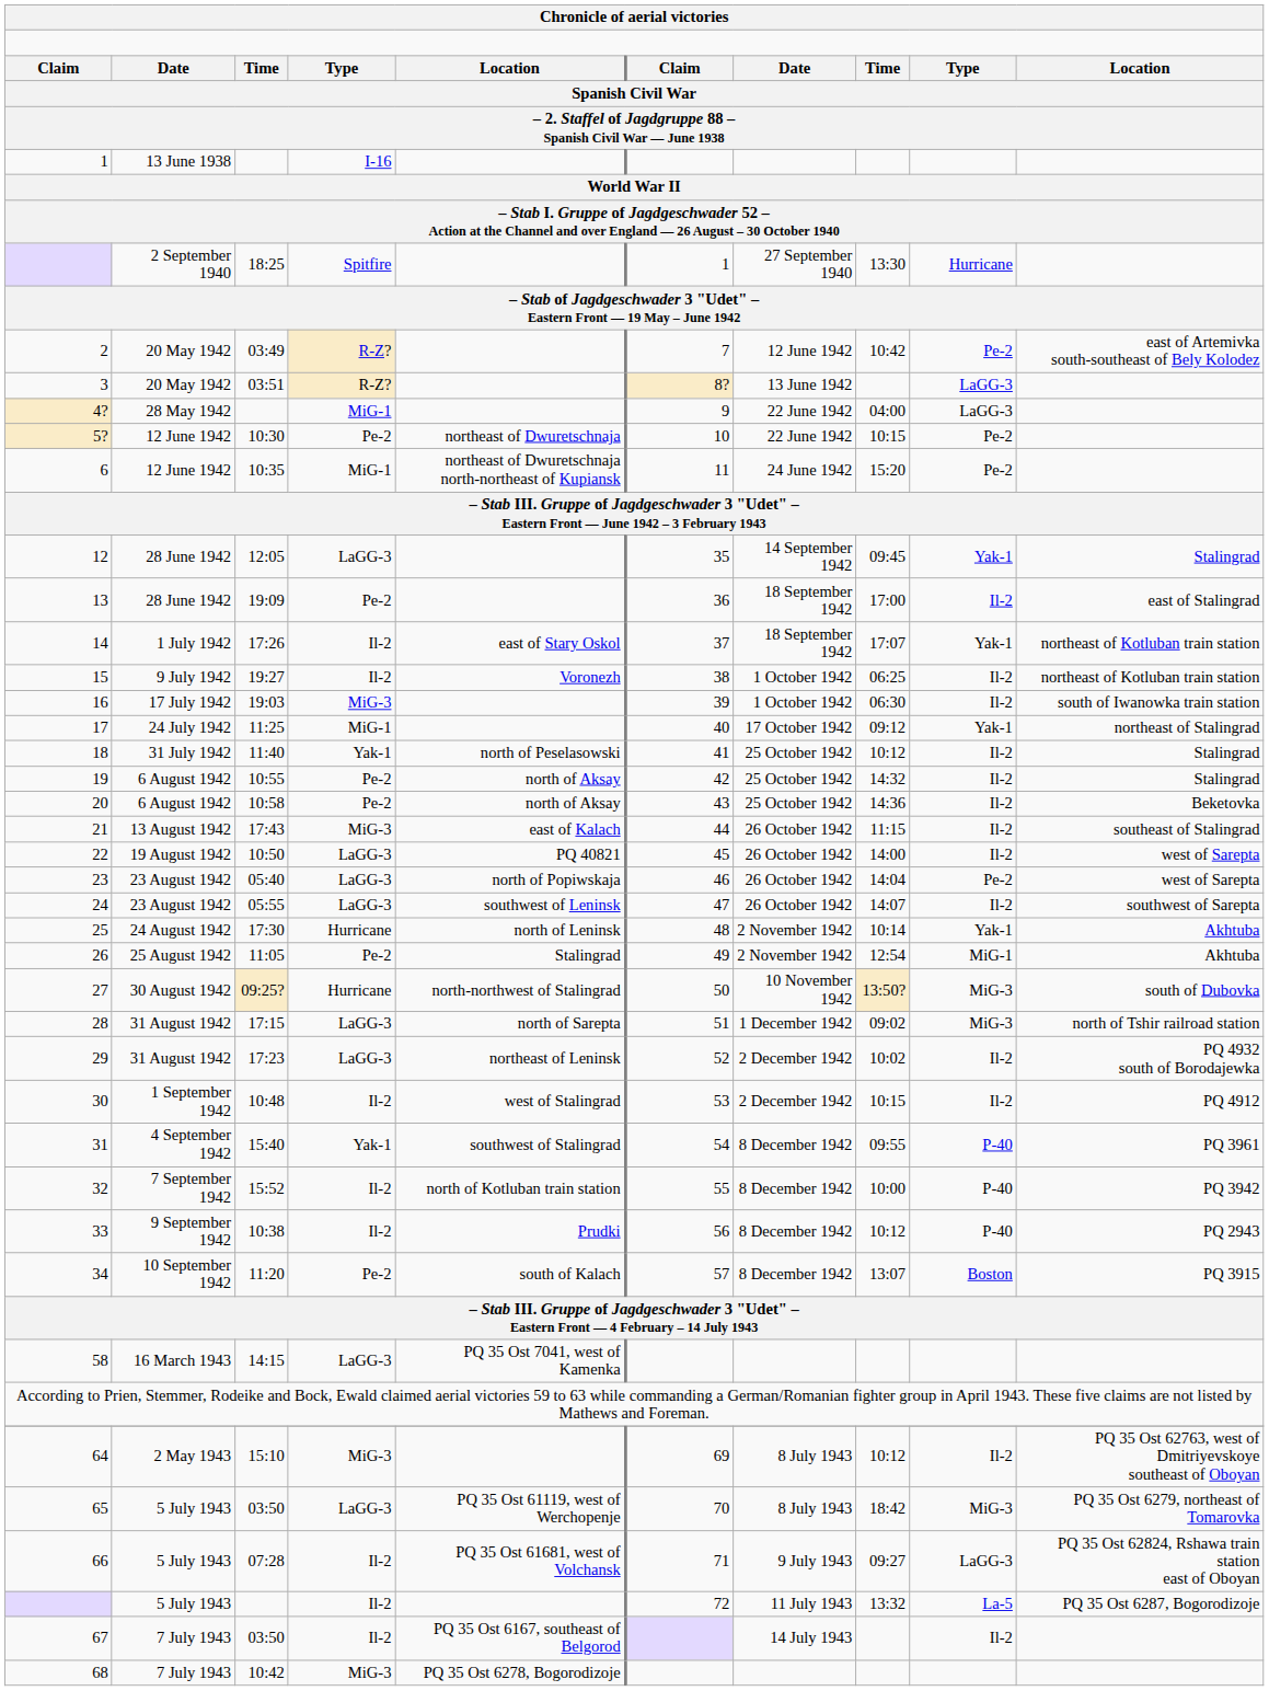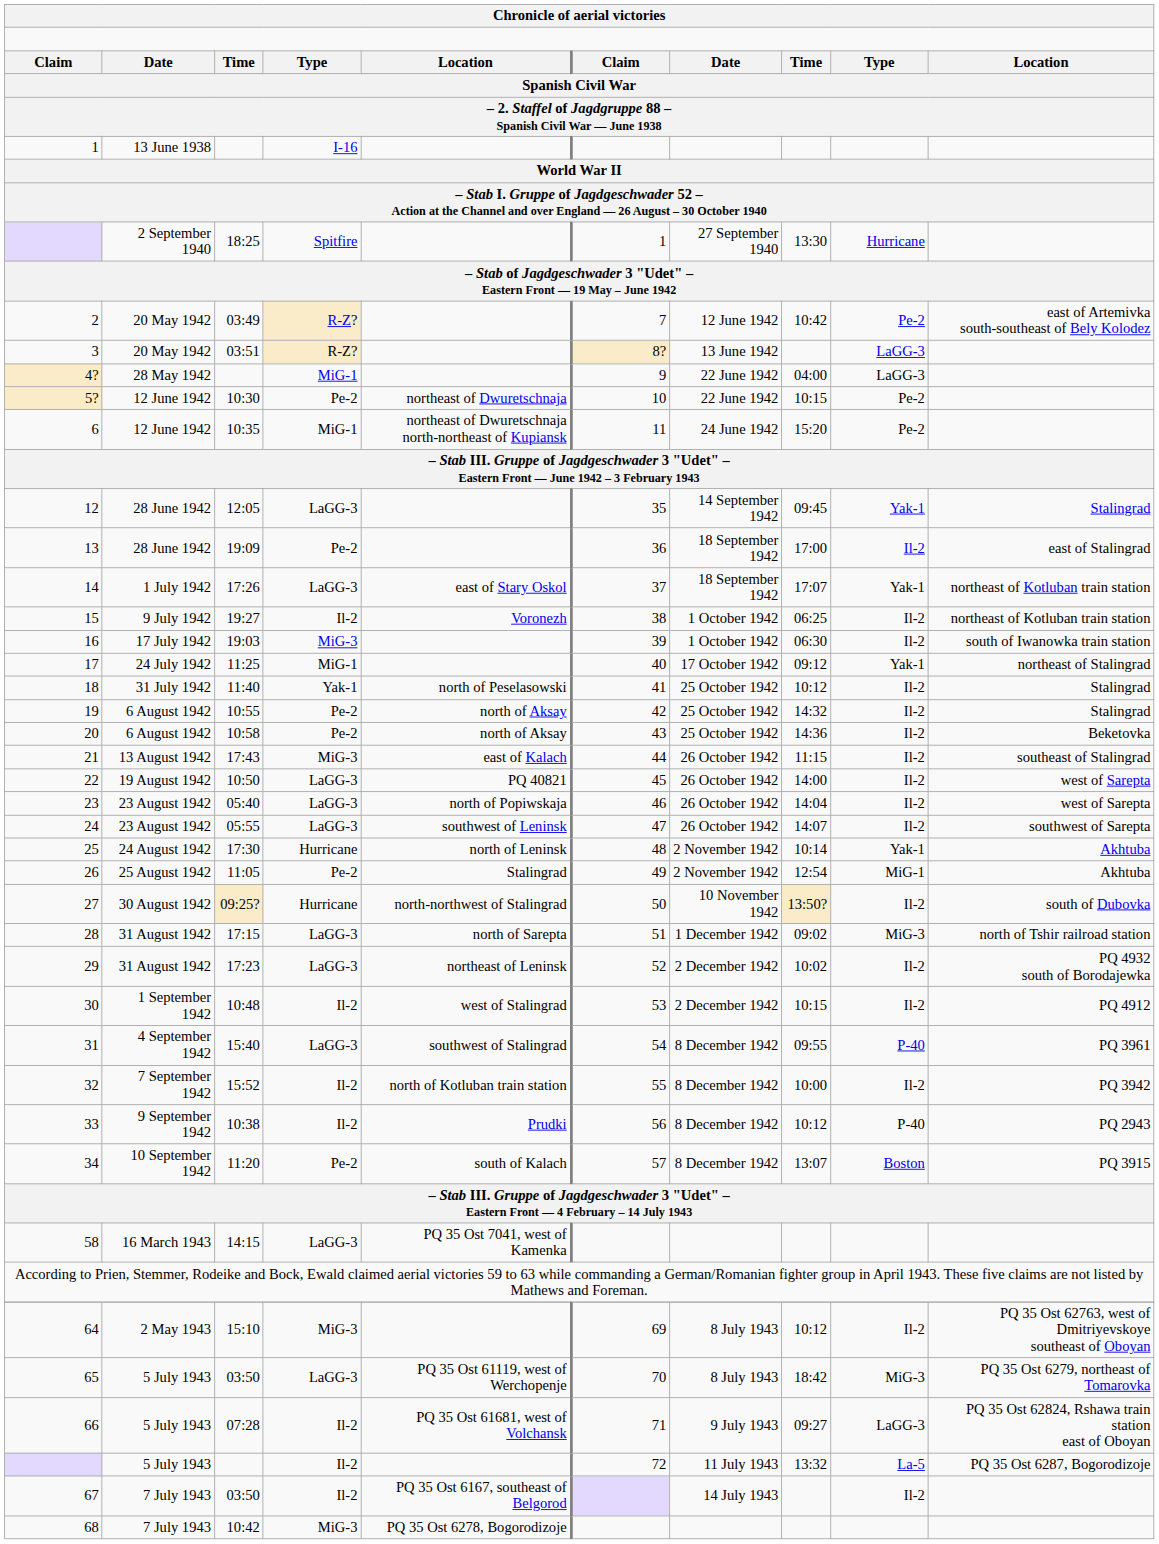 <table class="wikitable plainrowheaders collapsible" style="margin-left: auto; margin-right: auto; border: none; text-align:right; width: 100%;">
 <tr>
 <th colspan="10">Chronicle of aerial victories</th>
 </tr>
 <tr>
 <td colspan="10" style="text-align: left;"><br> </td>
 </tr>
 <tr>
 <th scope="col" width="100px">Claim</th>
 <th scope="col">Date</th>
 <th scope="col">Time</th>
 <th scope="col" width="100px">Type</th>
 <th scope="col">Location</th>
 <th scope="col" style="border-left: 3px solid grey;" width="100px">Claim</th>
 <th scope="col">Date</th>
 <th scope="col">Time</th>
 <th scope="col" width="100px">Type</th>
 <th scope="col">Location</th>
 </tr>
 <tr>
 <th colspan="10">Spanish Civil War</th>
 </tr>
 <tr>
 <th colspan="10">– 2. <em>Staffel</em> of <em>Jagdgruppe</em> 88 –<br><small>Spanish Civil War — June 1938</small></th>
 </tr>
 <tr>
 <td>1</td>
 <td>13 June 1938</td>
 <td></td>
 <td><a href='#'>I-16</a></td>
 <td></td>
 <td style="border-left: 3px solid grey;"></td>
 <td></td>
 <td></td>
 <td></td>
 <td></td>
 </tr>
 <tr>
 <th colspan="10">World War II</th>
 </tr>
 <tr>
 <th colspan="10">– <em>Stab</em> I. <em>Gruppe</em> of <em>Jagdgeschwader</em> 52 –<br><small>Action at the Channel and over England — 26 August – 30 October 1940</small></th>
 </tr>
 <tr>
 <td style="background:#e3d9ff;"></td>
 <td>2 September 1940</td>
 <td>18:25</td>
 <td><a href='#'>Spitfire</a></td>
 <td></td>
 <td style="border-left: 3px solid grey;">1</td>
 <td>27 September 1940</td>
 <td>13:30</td>
 <td><a href='#'>Hurricane</a></td>
 <td></td>
 </tr>
 <tr>
 <th colspan="10">– <em>Stab</em> of <em>Jagdgeschwader</em> 3 "Udet" –<br><small>Eastern Front — 19 May – June 1942</small></th>
 </tr>
 <tr>
 <td>2</td>
 <td>20 May 1942</td>
 <td>03:49</td>
 <td style="background:#faecc8"><a href='#'>R-Z</a>?</td>
 <td></td>
 <td style="border-left: 3px solid grey;">7</td>
 <td>12 June 1942</td>
 <td>10:42</td>
 <td><a href='#'>Pe-2</a></td>
 <td>east of Artemivka<br> south-southeast of <a href='#'>Bely Kolodez</a></td>
 </tr>
 <tr>
 <td>3</td>
 <td>20 May 1942</td>
 <td>03:51</td>
 <td style="background:#faecc8">R-Z?</td>
 <td></td>
 <td style="border-left: 3px solid grey; background:#faecc8">8?</td>
 <td>13 June 1942</td>
 <td></td>
 <td><a href='#'>LaGG-3</a></td>
 <td></td>
 </tr>
 <tr>
 <td style="background:#faecc8">4?</td>
 <td>28 May 1942</td>
 <td></td>
 <td><a href='#'>MiG-1</a></td>
 <td></td>
 <td style="border-left: 3px solid grey;">9</td>
 <td>22 June 1942</td>
 <td>04:00</td>
 <td>LaGG-3</td>
 <td></td>
 </tr>
 <tr>
 <td style="background:#faecc8">5?</td>
 <td>12 June 1942</td>
 <td>10:30</td>
 <td>Pe-2</td>
 <td>northeast of <a href='#'>Dwuretschnaja</a></td>
 <td style="border-left: 3px solid grey;">10</td>
 <td>22 June 1942</td>
 <td>10:15</td>
 <td>Pe-2</td>
 <td></td>
 </tr>
 <tr>
 <td>6</td>
 <td>12 June 1942</td>
 <td>10:35</td>
 <td>MiG-1</td>
 <td> northeast of Dwuretschnaja<br> north-northeast of <a href='#'>Kupiansk</a></td>
 <td style="border-left: 3px solid grey;">11</td>
 <td>24 June 1942</td>
 <td>15:20</td>
 <td>Pe-2</td>
 <td></td>
 </tr>
 <tr>
 <th colspan="10">– <em>Stab</em> III. <em>Gruppe</em> of <em>Jagdgeschwader</em> 3 "Udet" –<br><small>Eastern Front — June 1942 – 3 February 1943</small></th>
 </tr>
 <tr>
 <td>12</td>
 <td>28 June 1942</td>
 <td>12:05</td>
 <td>LaGG-3</td>
 <td></td>
 <td style="border-left: 3px solid grey;">35</td>
 <td>14 September 1942</td>
 <td>09:45</td>
 <td><a href='#'>Yak-1</a></td>
 <td><a href='#'>Stalingrad</a></td>
 </tr>
 <tr>
 <td>13</td>
 <td>28 June 1942</td>
 <td>19:09</td>
 <td>Pe-2</td>
 <td></td>
 <td style="border-left: 3px solid grey;">36</td>
 <td>18 September 1942</td>
 <td>17:00</td>
 <td><a href='#'>Il-2</a></td>
 <td>east of Stalingrad</td>
 </tr>
 <tr>
 <td>14</td>
 <td>1 July 1942</td>
 <td>17:26</td>
-<td>Il-2</td>
+<td>LaGG-3</td>
 <td> east of <a href='#'>Stary Oskol</a></td>
 <td style="border-left: 3px solid grey;">37</td>
 <td>18 September 1942</td>
 <td>17:07</td>
 <td>Yak-1</td>
 <td>northeast of <a href='#'>Kotluban</a> train station</td>
 </tr>
 <tr>
 <td>15</td>
 <td>9 July 1942</td>
 <td>19:27</td>
 <td>Il-2</td>
 <td><a href='#'>Voronezh</a></td>
 <td style="border-left: 3px solid grey;">38</td>
 <td>1 October 1942</td>
 <td>06:25</td>
 <td>Il-2</td>
 <td>northeast of Kotluban train station</td>
 </tr>
 <tr>
 <td>16</td>
 <td>17 July 1942</td>
 <td>19:03</td>
 <td><a href='#'>MiG-3</a></td>
 <td></td>
 <td style="border-left: 3px solid grey;">39</td>
 <td>1 October 1942</td>
 <td>06:30</td>
 <td>Il-2</td>
 <td>south of Iwanowka train station</td>
 </tr>
 <tr>
 <td>17</td>
 <td>24 July 1942</td>
 <td>11:25</td>
 <td>MiG-1</td>
 <td></td>
 <td style="border-left: 3px solid grey;">40</td>
 <td>17 October 1942</td>
 <td>09:12</td>
 <td>Yak-1</td>
 <td>northeast of Stalingrad</td>
 </tr>
 <tr>
 <td>18</td>
 <td>31 July 1942</td>
 <td>11:40</td>
 <td>Yak-1</td>
 <td>north of Peselasowski</td>
 <td style="border-left: 3px solid grey;">41</td>
 <td>25 October 1942</td>
 <td>10:12</td>
 <td>Il-2</td>
 <td>Stalingrad</td>
 </tr>
 <tr>
 <td>19</td>
 <td>6 August 1942</td>
 <td>10:55</td>
 <td>Pe-2</td>
 <td>north of <a href='#'>Aksay</a></td>
 <td style="border-left: 3px solid grey;">42</td>
 <td>25 October 1942</td>
 <td>14:32</td>
 <td>Il-2</td>
 <td>Stalingrad</td>
 </tr>
 <tr>
 <td>20</td>
 <td>6 August 1942</td>
 <td>10:58</td>
 <td>Pe-2</td>
 <td>north of Aksay</td>
 <td style="border-left: 3px solid grey;">43</td>
 <td>25 October 1942</td>
 <td>14:36</td>
 <td>Il-2</td>
 <td>Beketovka</td>
 </tr>
 <tr>
 <td>21</td>
 <td>13 August 1942</td>
 <td>17:43</td>
 <td>MiG-3</td>
 <td>east of <a href='#'>Kalach</a></td>
 <td style="border-left: 3px solid grey;">44</td>
 <td>26 October 1942</td>
 <td>11:15</td>
 <td>Il-2</td>
 <td>southeast of Stalingrad</td>
 </tr>
 <tr>
 <td>22</td>
 <td>19 August 1942</td>
 <td>10:50</td>
 <td>LaGG-3</td>
 <td>PQ 40821</td>
 <td style="border-left: 3px solid grey;">45</td>
 <td>26 October 1942</td>
 <td>14:00</td>
 <td>Il-2</td>
 <td>west of <a href='#'>Sarepta</a></td>
 </tr>
 <tr>
 <td>23</td>
 <td>23 August 1942</td>
 <td>05:40</td>
 <td>LaGG-3</td>
 <td>north of Popiwskaja</td>
 <td style="border-left: 3px solid grey;">46</td>
 <td>26 October 1942</td>
 <td>14:04</td>
-<td>Pe-2</td>
+<td>Il-2</td>
 <td>west of Sarepta</td>
 </tr>
 <tr>
 <td>24</td>
 <td>23 August 1942</td>
 <td>05:55</td>
 <td>LaGG-3</td>
 <td>southwest of <a href='#'>Leninsk</a></td>
 <td style="border-left: 3px solid grey;">47</td>
 <td>26 October 1942</td>
 <td>14:07</td>
 <td>Il-2</td>
 <td>southwest of Sarepta</td>
 </tr>
 <tr>
 <td>25</td>
 <td>24 August 1942</td>
 <td>17:30</td>
 <td>Hurricane</td>
 <td>north of Leninsk</td>
 <td style="border-left: 3px solid grey;">48</td>
 <td>2 November 1942</td>
 <td>10:14</td>
 <td>Yak-1</td>
 <td><a href='#'>Akhtuba</a></td>
 </tr>
 <tr>
 <td>26</td>
 <td>25 August 1942</td>
 <td>11:05</td>
 <td>Pe-2</td>
 <td>Stalingrad</td>
 <td style="border-left: 3px solid grey;">49</td>
 <td>2 November 1942</td>
 <td>12:54</td>
 <td>MiG-1</td>
 <td>Akhtuba</td>
 </tr>
 <tr>
 <td>27</td>
 <td>30 August 1942</td>
 <td style="background:#faecc8">09:25?</td>
 <td>Hurricane</td>
 <td>north-northwest of Stalingrad</td>
 <td style="border-left: 3px solid grey;">50</td>
 <td>10 November 1942</td>
 <td style="background:#faecc8">13:50?</td>
-<td>MiG-3</td>
+<td>Il-2</td>
 <td>south of <a href='#'>Dubovka</a></td>
 </tr>
 <tr>
 <td>28</td>
 <td>31 August 1942</td>
 <td>17:15</td>
 <td>LaGG-3</td>
 <td>north of Sarepta</td>
 <td style="border-left: 3px solid grey;">51</td>
 <td>1 December 1942</td>
 <td>09:02</td>
 <td>MiG-3</td>
 <td> north of Tshir railroad station</td>
 </tr>
 <tr>
 <td>29</td>
 <td>31 August 1942</td>
 <td>17:23</td>
 <td>LaGG-3</td>
 <td>northeast of Leninsk</td>
 <td style="border-left: 3px solid grey;">52</td>
 <td>2 December 1942</td>
 <td>10:02</td>
 <td>Il-2</td>
 <td>PQ 4932<br>south of Borodajewka</td>
 </tr>
 <tr>
 <td>30</td>
 <td>1 September 1942</td>
 <td>10:48</td>
 <td>Il-2</td>
 <td>west of Stalingrad</td>
 <td style="border-left: 3px solid grey;">53</td>
 <td>2 December 1942</td>
 <td>10:15</td>
 <td>Il-2</td>
 <td>PQ 4912</td>
 </tr>
 <tr>
 <td>31</td>
 <td>4 September 1942</td>
 <td>15:40</td>
-<td>Yak-1</td>
+<td>LaGG-3</td>
 <td>southwest of Stalingrad</td>
 <td style="border-left: 3px solid grey;">54</td>
 <td>8 December 1942</td>
 <td>09:55</td>
 <td><a href='#'>P-40</a></td>
 <td>PQ 3961</td>
 </tr>
 <tr>
 <td>32</td>
 <td>7 September 1942</td>
 <td>15:52</td>
 <td>Il-2</td>
 <td>north of Kotluban train station</td>
 <td style="border-left: 3px solid grey;">55</td>
 <td>8 December 1942</td>
 <td>10:00</td>
-<td>P-40</td>
+<td>Il-2</td>
 <td>PQ 3942</td>
 </tr>
 <tr>
 <td>33</td>
 <td>9 September 1942</td>
 <td>10:38</td>
 <td>Il-2</td>
 <td><a href='#'>Prudki</a></td>
 <td style="border-left: 3px solid grey;">56</td>
 <td>8 December 1942</td>
 <td>10:12</td>
 <td>P-40</td>
 <td>PQ 2943</td>
 </tr>
 <tr>
 <td>34</td>
 <td>10 September 1942</td>
 <td>11:20</td>
 <td>Pe-2</td>
 <td>south of Kalach</td>
 <td style="border-left: 3px solid grey;">57</td>
 <td>8 December 1942</td>
 <td>13:07</td>
 <td><a href='#'>Boston</a></td>
 <td>PQ 3915</td>
 </tr>
 <tr>
 <th colspan="10">– <em>Stab</em> III. <em>Gruppe</em> of <em>Jagdgeschwader</em> 3 "Udet" –<br><small>Eastern Front — 4 February – 14 July 1943</small></th>
 </tr>
 <tr>
 <td>58</td>
 <td>16 March 1943</td>
 <td>14:15</td>
 <td>LaGG-3</td>
 <td>PQ 35 Ost 7041, west of Kamenka</td>
 <td style="border-left: 3px solid grey;"></td>
 <td></td>
 <td></td>
 <td></td>
 <td></td>
 </tr>
 <tr>
 <td colspan="10" style="text-align: center">According to Prien, Stemmer, Rodeike and Bock, Ewald claimed aerial victories 59 to 63 while commanding a German/Romanian fighter group in April 1943. These five claims are not listed by Mathews and Foreman.</td>
 </tr>
 <tr>
 </tr>
 <tr>
 <td>64</td>
 <td>2 May 1943</td>
 <td>15:10</td>
 <td>MiG-3</td>
 <td></td>
 <td style="border-left: 3px solid grey;">69</td>
 <td>8 July 1943</td>
 <td>10:12</td>
 <td>Il-2</td>
 <td>PQ 35 Ost 62763, west of Dmitriyevskoye<br> southeast of <a href='#'>Oboyan</a></td>
 </tr>
 <tr>
 <td>65</td>
 <td>5 July 1943</td>
 <td>03:50</td>
 <td>LaGG-3</td>
 <td>PQ 35 Ost 61119, west of Werchopenje</td>
 <td style="border-left: 3px solid grey;">70</td>
 <td>8 July 1943</td>
 <td>18:42</td>
 <td>MiG-3</td>
 <td>PQ 35 Ost 6279, northeast of <a href='#'>Tomarovka</a></td>
 </tr>
 <tr>
 <td>66</td>
 <td>5 July 1943</td>
 <td>07:28</td>
 <td>Il-2</td>
 <td>PQ 35 Ost 61681, west of <a href='#'>Volchansk</a></td>
 <td style="border-left: 3px solid grey;">71</td>
 <td>9 July 1943</td>
 <td>09:27</td>
 <td>LaGG-3</td>
 <td>PQ 35 Ost 62824, Rshawa train station<br> east of Oboyan</td>
 </tr>
 <tr>
 <td style="background:#e3d9ff;"></td>
 <td>5 July 1943</td>
 <td></td>
 <td>Il-2</td>
 <td></td>
 <td style="border-left: 3px solid grey;">72</td>
 <td>11 July 1943</td>
 <td>13:32</td>
 <td><a href='#'>La-5</a></td>
 <td>PQ 35 Ost 6287, Bogorodizoje</td>
 </tr>
 <tr>
 <td>67</td>
 <td>7 July 1943</td>
 <td>03:50</td>
 <td>Il-2</td>
 <td>PQ 35 Ost 6167, southeast of <a href='#'>Belgorod</a></td>
 <td style="border-left: 3px solid grey; background:#e3d9ff;"></td>
 <td>14 July 1943</td>
 <td></td>
 <td>Il-2</td>
 <td></td>
 </tr>
 <tr>
 <td>68</td>
 <td>7 July 1943</td>
 <td>10:42</td>
 <td>MiG-3</td>
 <td>PQ 35 Ost 6278, Bogorodizoje</td>
 <td style="border-left: 3px solid grey;"></td>
 <td></td>
 <td></td>
 <td></td>
 <td></td>
 </tr>
 </table>
